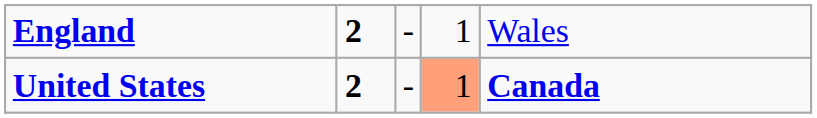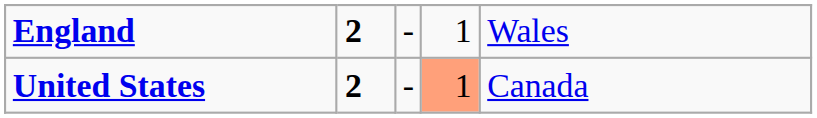 <table class="wikitable">
 <tr>
 <td width=150> <strong><a href='#'>England</a></strong></td>
 <td style="width:20px; text-align:left;"><strong>2</strong></td>
 <td>-</td>
 <td style="width:20px; text-align:right;">1</td>
 <td width=150> <a href='#'>Wales</a></td>
 </tr>
 <tr>
 <td> <strong><a href='#'>United States</a></strong></td>
 <td style="text-align:left;"><strong>2</strong></td>
 <td>-</td>
 <td style="background: lightsalmon; text-align:right;">1</td>
-<td><strong> <a href='#'>Canada</a></strong></td>
+<td> <a href='#'>Canada</a></td>
 </tr>
 </table>
